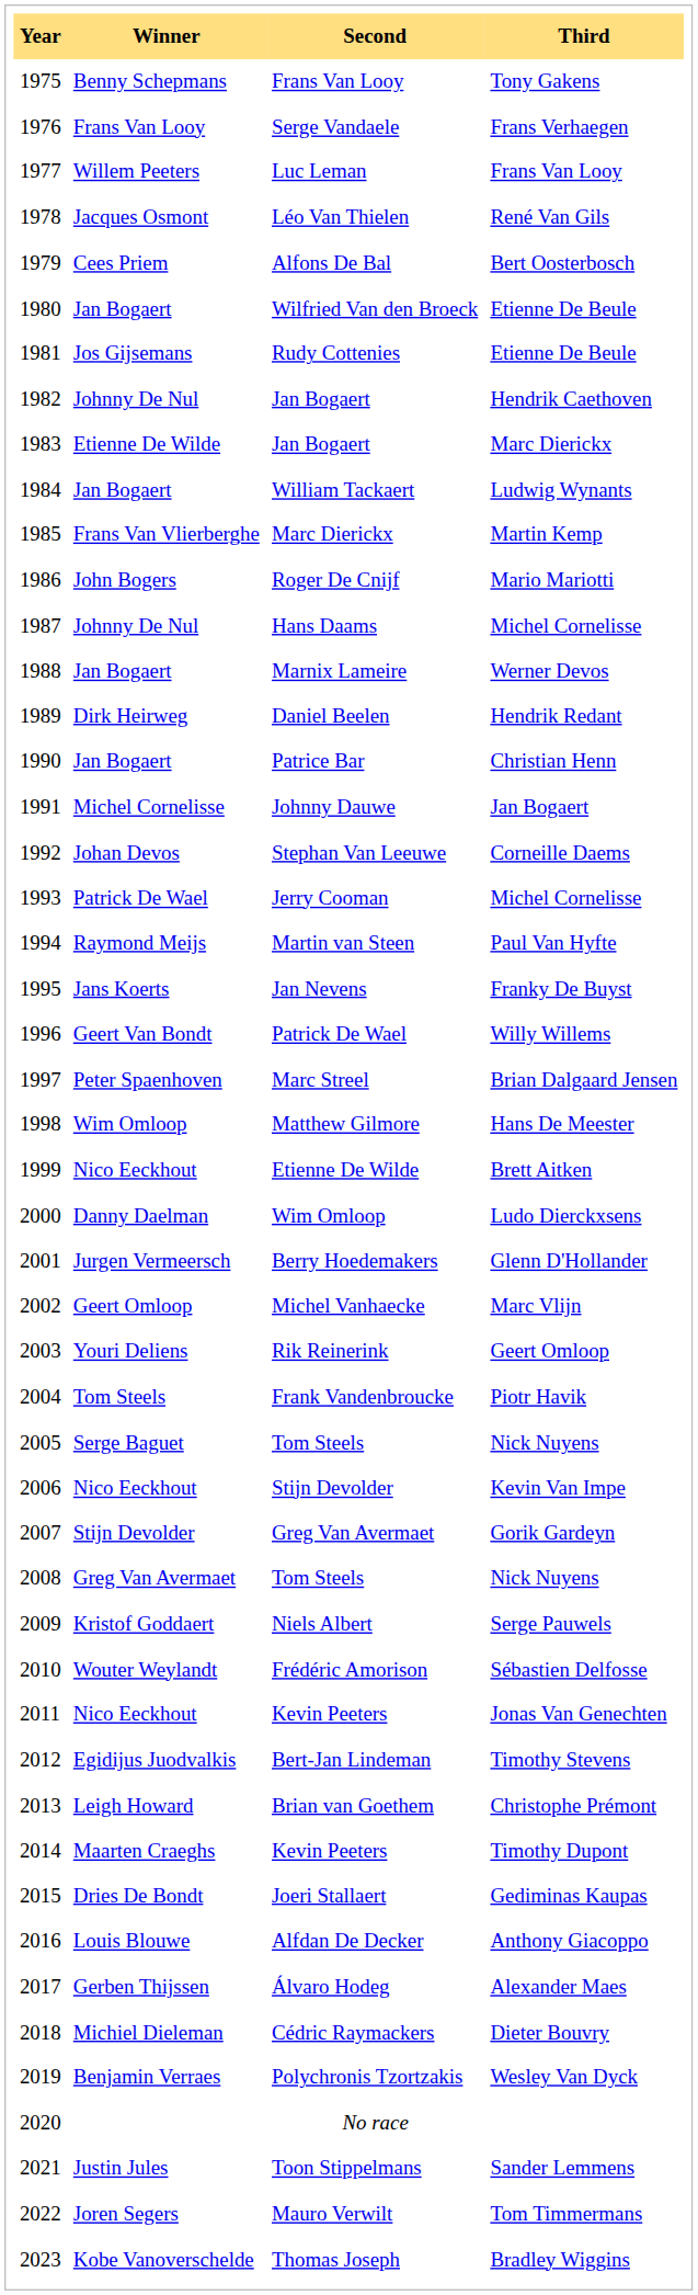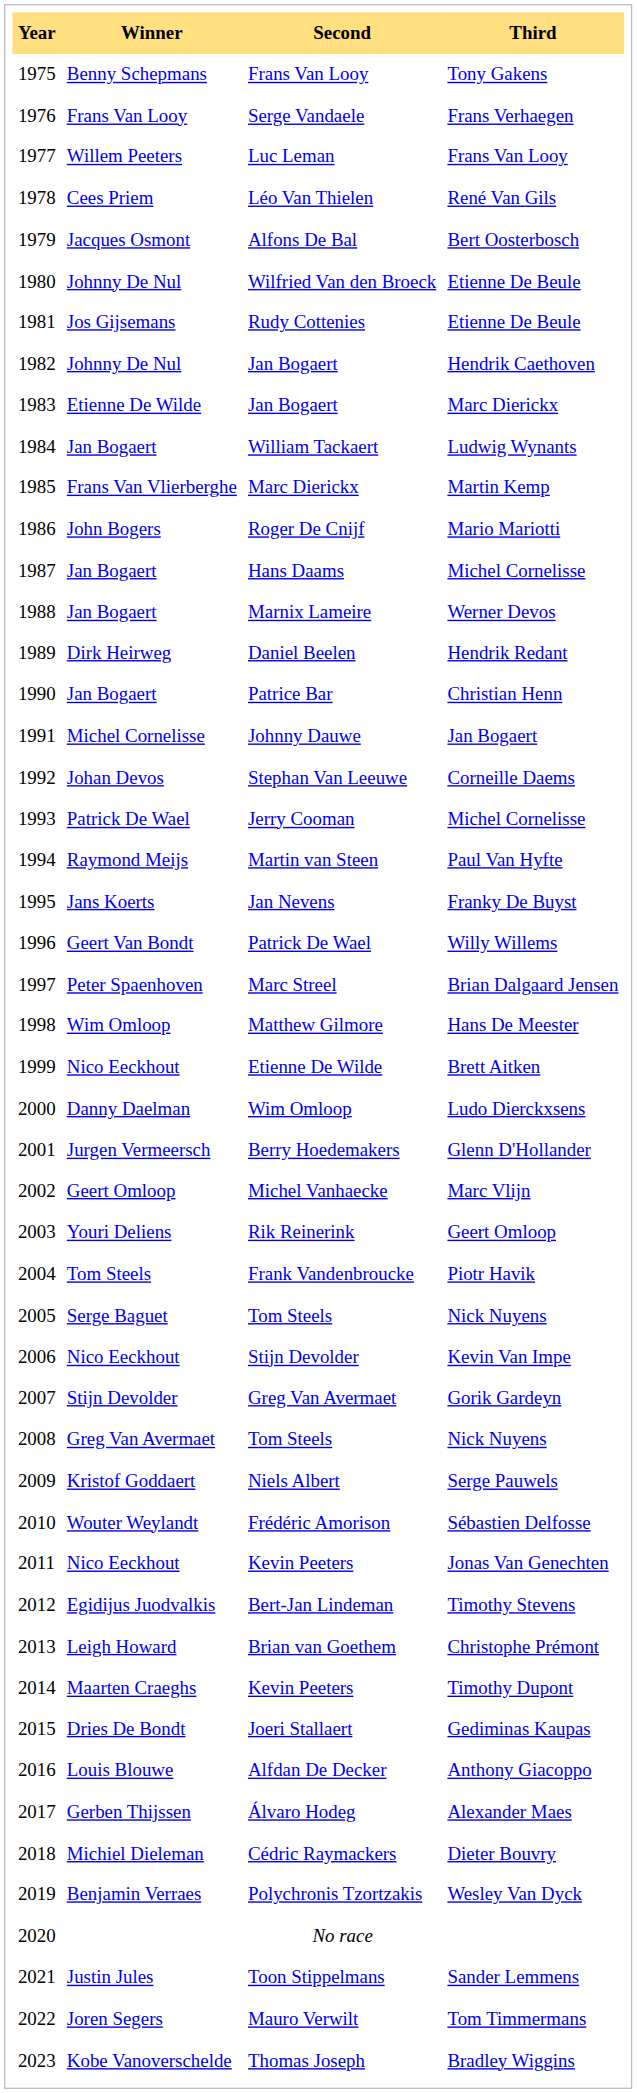 <table cellpadding="4" cellspacing="0"  style="border: 1px solid silver; color: black; margin: 0 0 0.5em 0; background-color: white; padding: 5px; text-align: left; font-size:85%; vertical-align: top; line-height:1.6em;">
 <tr>
 <th scope=col; align="center" bgcolor="FFDF80">Year</th>
 <th scope=col; align="center" bgcolor="FFDF80">Winner</th>
 <th scope=col; align="center" bgcolor="FFDF80">Second</th>
 <th scope=col; align="center" bgcolor="FFDF80">Third</th>
 </tr>
 <tr>
 <td>1975</td>
 <td> <a href='#'>Benny Schepmans</a></td>
 <td> <a href='#'>Frans Van Looy</a></td>
 <td> <a href='#'>Tony Gakens</a></td>
 </tr>
 <tr>
 <td>1976</td>
 <td> <a href='#'>Frans Van Looy</a></td>
 <td> <a href='#'>Serge Vandaele</a></td>
 <td> <a href='#'>Frans Verhaegen</a></td>
 </tr>
 <tr>
 <td>1977</td>
 <td> <a href='#'>Willem Peeters</a></td>
 <td> <a href='#'>Luc Leman</a></td>
 <td> <a href='#'>Frans Van Looy</a></td>
 </tr>
 <tr>
 <td>1978</td>
-<td> <a href='#'>Jacques Osmont</a></td>
+<td> <a href='#'>Cees Priem</a></td>
 <td> <a href='#'>Léo Van Thielen</a></td>
 <td> <a href='#'>René Van Gils</a></td>
 </tr>
 <tr>
 <td>1979</td>
-<td> <a href='#'>Cees Priem</a></td>
+<td> <a href='#'>Jacques Osmont</a></td>
 <td> <a href='#'>Alfons De Bal</a></td>
 <td> <a href='#'>Bert Oosterbosch</a></td>
 </tr>
 <tr>
 <td>1980</td>
-<td> <a href='#'>Jan Bogaert</a></td>
+<td> <a href='#'>Johnny De Nul</a></td>
 <td> <a href='#'>Wilfried Van den Broeck</a></td>
 <td> <a href='#'>Etienne De Beule</a></td>
 </tr>
 <tr>
 <td>1981</td>
 <td> <a href='#'>Jos Gijsemans</a></td>
 <td> <a href='#'>Rudy Cottenies</a></td>
 <td> <a href='#'>Etienne De Beule</a></td>
 </tr>
 <tr>
 <td>1982</td>
 <td> <a href='#'>Johnny De Nul</a></td>
 <td> <a href='#'>Jan Bogaert</a></td>
 <td> <a href='#'>Hendrik Caethoven</a></td>
 </tr>
 <tr>
 <td>1983</td>
 <td> <a href='#'>Etienne De Wilde</a></td>
 <td> <a href='#'>Jan Bogaert</a></td>
 <td> <a href='#'>Marc Dierickx</a></td>
 </tr>
 <tr>
 <td>1984</td>
 <td> <a href='#'>Jan Bogaert</a></td>
 <td> <a href='#'>William Tackaert</a></td>
 <td> <a href='#'>Ludwig Wynants</a></td>
 </tr>
 <tr>
 <td>1985</td>
 <td> <a href='#'>Frans Van Vlierberghe</a></td>
 <td> <a href='#'>Marc Dierickx</a></td>
 <td> <a href='#'>Martin Kemp</a></td>
 </tr>
 <tr>
 <td>1986</td>
 <td> <a href='#'>John Bogers</a></td>
 <td> <a href='#'>Roger De Cnijf</a></td>
 <td> <a href='#'>Mario Mariotti</a></td>
 </tr>
 <tr>
 <td>1987</td>
-<td> <a href='#'>Johnny De Nul</a></td>
+<td> <a href='#'>Jan Bogaert</a></td>
 <td> <a href='#'>Hans Daams</a></td>
 <td> <a href='#'>Michel Cornelisse</a></td>
 </tr>
 <tr>
 <td>1988</td>
 <td> <a href='#'>Jan Bogaert</a></td>
 <td> <a href='#'>Marnix Lameire</a></td>
 <td> <a href='#'>Werner Devos</a></td>
 </tr>
 <tr>
 <td>1989</td>
 <td> <a href='#'>Dirk Heirweg</a></td>
 <td> <a href='#'>Daniel Beelen</a></td>
 <td> <a href='#'>Hendrik Redant</a></td>
 </tr>
 <tr>
 <td>1990</td>
 <td> <a href='#'>Jan Bogaert</a></td>
 <td> <a href='#'>Patrice Bar</a></td>
 <td> <a href='#'>Christian Henn</a></td>
 </tr>
 <tr>
 <td>1991</td>
 <td> <a href='#'>Michel Cornelisse</a></td>
 <td> <a href='#'>Johnny Dauwe</a></td>
 <td> <a href='#'>Jan Bogaert</a></td>
 </tr>
 <tr>
 <td>1992</td>
 <td> <a href='#'>Johan Devos</a></td>
 <td> <a href='#'>Stephan Van Leeuwe</a></td>
 <td> <a href='#'>Corneille Daems</a></td>
 </tr>
 <tr>
 <td>1993</td>
 <td> <a href='#'>Patrick De Wael</a></td>
 <td> <a href='#'>Jerry Cooman</a></td>
 <td> <a href='#'>Michel Cornelisse</a></td>
 </tr>
 <tr>
 <td>1994</td>
 <td> <a href='#'>Raymond Meijs</a></td>
 <td> <a href='#'>Martin van Steen</a></td>
 <td> <a href='#'>Paul Van Hyfte</a></td>
 </tr>
 <tr>
 <td>1995</td>
 <td> <a href='#'>Jans Koerts</a></td>
 <td> <a href='#'>Jan Nevens</a></td>
 <td> <a href='#'>Franky De Buyst</a></td>
 </tr>
 <tr>
 <td>1996</td>
 <td> <a href='#'>Geert Van Bondt</a></td>
 <td> <a href='#'>Patrick De Wael</a></td>
 <td> <a href='#'>Willy Willems</a></td>
 </tr>
 <tr>
 <td>1997</td>
 <td> <a href='#'>Peter Spaenhoven</a></td>
 <td> <a href='#'>Marc Streel</a></td>
 <td> <a href='#'>Brian Dalgaard Jensen</a></td>
 </tr>
 <tr>
 <td>1998</td>
 <td> <a href='#'>Wim Omloop</a></td>
 <td> <a href='#'>Matthew Gilmore</a></td>
 <td> <a href='#'>Hans De Meester</a></td>
 </tr>
 <tr>
 <td>1999</td>
 <td> <a href='#'>Nico Eeckhout</a></td>
 <td> <a href='#'>Etienne De Wilde</a></td>
 <td> <a href='#'>Brett Aitken</a></td>
 </tr>
 <tr>
 <td>2000</td>
 <td> <a href='#'>Danny Daelman</a></td>
 <td> <a href='#'>Wim Omloop</a></td>
 <td> <a href='#'>Ludo Dierckxsens</a></td>
 </tr>
 <tr>
 <td>2001</td>
 <td> <a href='#'>Jurgen Vermeersch</a></td>
 <td> <a href='#'>Berry Hoedemakers</a></td>
 <td> <a href='#'>Glenn D'Hollander</a></td>
 </tr>
 <tr>
 <td>2002</td>
 <td> <a href='#'>Geert Omloop</a></td>
 <td> <a href='#'>Michel Vanhaecke</a></td>
 <td> <a href='#'>Marc Vlijn</a></td>
 </tr>
 <tr>
 <td>2003</td>
 <td> <a href='#'>Youri Deliens</a></td>
 <td> <a href='#'>Rik Reinerink</a></td>
 <td> <a href='#'>Geert Omloop</a></td>
 </tr>
 <tr>
 <td>2004</td>
 <td> <a href='#'>Tom Steels</a></td>
 <td> <a href='#'>Frank Vandenbroucke</a></td>
 <td> <a href='#'>Piotr Havik</a></td>
 </tr>
 <tr>
 <td>2005</td>
 <td> <a href='#'>Serge Baguet</a></td>
 <td> <a href='#'>Tom Steels</a></td>
 <td> <a href='#'>Nick Nuyens</a></td>
 </tr>
 <tr>
 <td>2006</td>
 <td> <a href='#'>Nico Eeckhout</a></td>
 <td> <a href='#'>Stijn Devolder</a></td>
 <td> <a href='#'>Kevin Van Impe</a></td>
 </tr>
 <tr>
 <td>2007</td>
 <td> <a href='#'>Stijn Devolder</a></td>
 <td> <a href='#'>Greg Van Avermaet</a></td>
 <td> <a href='#'>Gorik Gardeyn</a></td>
 </tr>
 <tr>
 <td>2008</td>
 <td> <a href='#'>Greg Van Avermaet</a></td>
 <td> <a href='#'>Tom Steels</a></td>
 <td> <a href='#'>Nick Nuyens</a></td>
 </tr>
 <tr>
 <td>2009</td>
 <td> <a href='#'>Kristof Goddaert</a></td>
 <td> <a href='#'>Niels Albert</a></td>
 <td> <a href='#'>Serge Pauwels</a></td>
 </tr>
 <tr>
 <td>2010</td>
 <td> <a href='#'>Wouter Weylandt</a></td>
 <td> <a href='#'>Frédéric Amorison</a></td>
 <td> <a href='#'>Sébastien Delfosse</a></td>
 </tr>
 <tr>
 <td>2011</td>
 <td> <a href='#'>Nico Eeckhout</a></td>
 <td> <a href='#'>Kevin Peeters</a></td>
 <td> <a href='#'>Jonas Van Genechten</a></td>
 </tr>
 <tr>
 <td>2012</td>
 <td> <a href='#'>Egidijus Juodvalkis</a></td>
 <td> <a href='#'>Bert-Jan Lindeman</a></td>
 <td> <a href='#'>Timothy Stevens</a></td>
 </tr>
 <tr>
 <td>2013</td>
 <td> <a href='#'>Leigh Howard</a></td>
 <td> <a href='#'>Brian van Goethem</a></td>
 <td> <a href='#'>Christophe Prémont</a></td>
 </tr>
 <tr>
 <td>2014</td>
 <td> <a href='#'>Maarten Craeghs</a></td>
 <td> <a href='#'>Kevin Peeters</a></td>
 <td> <a href='#'>Timothy Dupont</a></td>
 </tr>
 <tr>
 <td>2015</td>
 <td> <a href='#'>Dries De Bondt</a></td>
 <td> <a href='#'>Joeri Stallaert</a></td>
 <td> <a href='#'>Gediminas Kaupas</a></td>
 </tr>
 <tr>
 <td>2016</td>
 <td> <a href='#'>Louis Blouwe</a></td>
 <td> <a href='#'>Alfdan De Decker</a></td>
 <td> <a href='#'>Anthony Giacoppo</a></td>
 </tr>
 <tr>
 <td>2017</td>
 <td> <a href='#'>Gerben Thijssen</a></td>
 <td> <a href='#'>Álvaro Hodeg</a></td>
 <td> <a href='#'>Alexander Maes</a></td>
 </tr>
 <tr>
 <td>2018</td>
 <td> <a href='#'>Michiel Dieleman</a></td>
 <td> <a href='#'>Cédric Raymackers</a></td>
 <td> <a href='#'>Dieter Bouvry</a></td>
 </tr>
 <tr>
 <td>2019</td>
 <td> <a href='#'>Benjamin Verraes</a></td>
 <td> <a href='#'>Polychronis Tzortzakis</a></td>
 <td> <a href='#'>Wesley Van Dyck</a></td>
 </tr>
 <tr>
 <td>2020</td>
 <td colspan=3 align=center><em>No race</em></td>
 </tr>
 <tr>
 <td>2021</td>
 <td> <a href='#'>Justin Jules</a></td>
 <td> <a href='#'>Toon Stippelmans</a></td>
 <td> <a href='#'>Sander Lemmens</a></td>
 </tr>
 <tr>
 <td>2022</td>
 <td> <a href='#'>Joren Segers</a></td>
 <td> <a href='#'>Mauro Verwilt</a></td>
 <td> <a href='#'>Tom Timmermans</a></td>
 </tr>
 <tr>
 <td>2023</td>
 <td> <a href='#'>Kobe Vanoverschelde</a></td>
 <td> <a href='#'>Thomas Joseph</a></td>
 <td> <a href='#'>Bradley Wiggins</a></td>
 </tr>
 </table>
